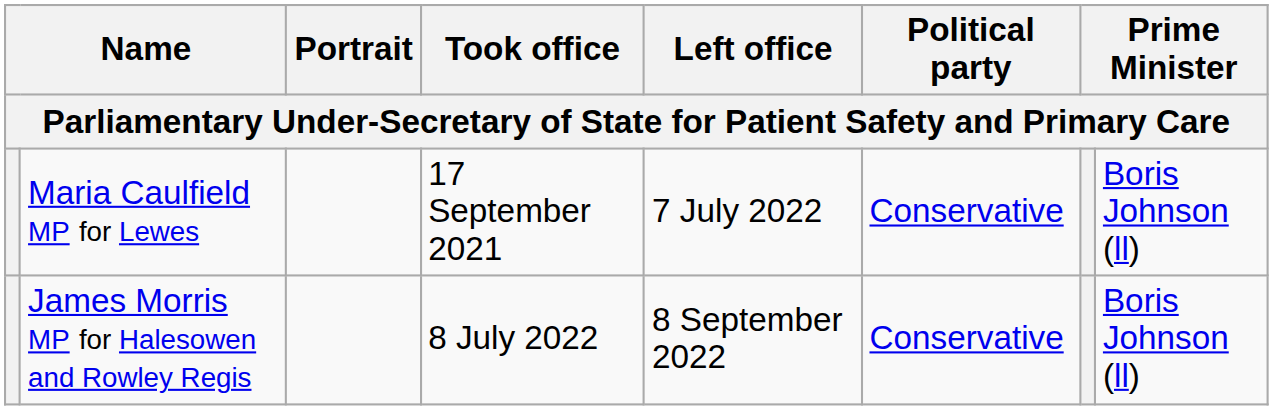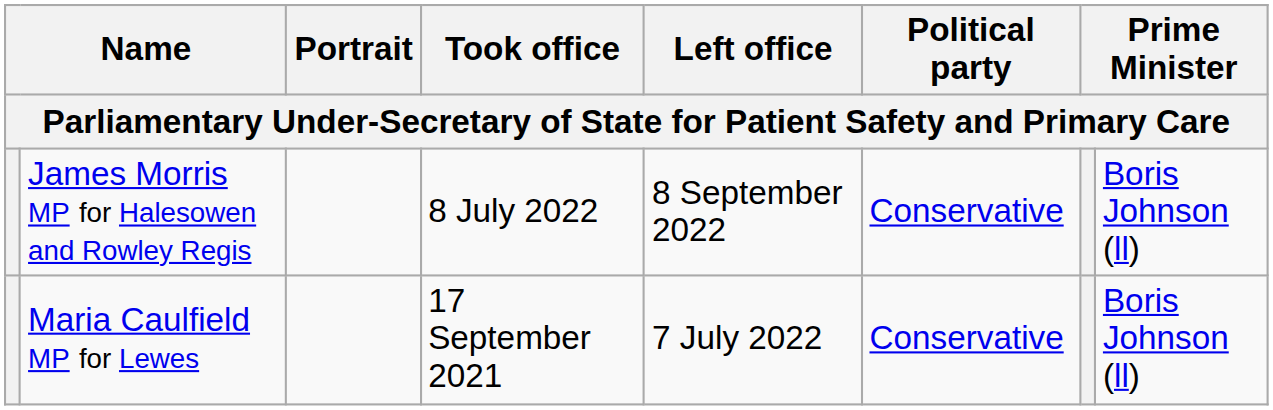 <table class="wikitable">
 <tr>
 <th colspan="2">Name</th>
 <th>Portrait</th>
 <th>Took office</th>
 <th>Left office</th>
 <th>Political party</th>
 <th colspan="2">Prime Minister</th>
 </tr>
 <tr>
 <th colspan="8">Parliamentary Under-Secretary of State for Patient Safety and Primary Care</th>
 </tr>
 <tr>
 <th style="background-color: "></th>
+<td><a href='#'>James Morris</a> <br> <a href='#'><small>MP</small></a> <small>for <a href='#'>Halesowen and Rowley Regis</a></small></td>
+<td></td>
+<td>8 July 2022</td>
+<td>8 September 2022</td>
+<td><a href='#'>Conservative</a></td>
+<th style="background-color: "></th>
+<td><a href='#'>Boris Johnson</a><br>(<a href='#'>ll</a>)</td>
+</tr>
+<tr>
+<th style="background-color: "></th>
 <td><a href='#'>Maria Caulfield</a> <br> <a href='#'><small>MP</small></a> <small>for <a href='#'>Lewes</a></small></td>
 <td></td>
 <td>17 September 2021</td>
 <td>7 July 2022</td>
 <td><a href='#'>Conservative</a></td>
 <th style="background-color: "></th>
 <td><a href='#'>Boris Johnson</a><br>(<a href='#'>ll</a>)</td>
 </tr>
-<tr>
-<th style="background-color: "></th>
-<td><a href='#'>James Morris</a> <br> <a href='#'><small>MP</small></a> <small>for <a href='#'>Halesowen and Rowley Regis</a></small></td>
-<td></td>
-<td>8 July 2022</td>
-<td>8 September 2022</td>
-<td><a href='#'>Conservative</a></td>
-<th style="background-color: "></th>
-<td><a href='#'>Boris Johnson</a><br>(<a href='#'>ll</a>)</td>
-</tr>
 </table>
